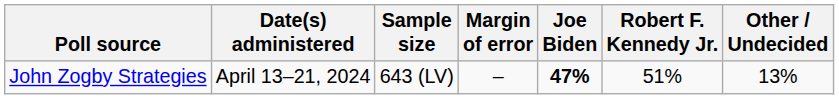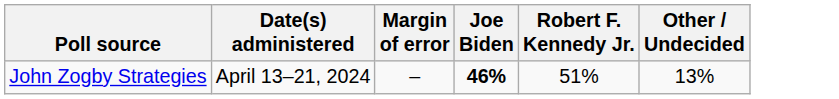 <table class="wikitable sortable mw-datatable" style="font-size:90%;text-align:center;line-height:17px">
 <tr valign=bottom>
 <th>Poll source</th>
 <th>Date(s)<br>administered</th>
-<th>Sample<br>size</th>
 <th>Margin<br>of error</th>
 <th class="unsortable">Joe<br>Biden<br></th>
 <th class="unsortable">Robert F.<br>Kennedy Jr.<br></th>
 <th class="unsortable">Other /<br>Undecided</th>
 </tr>
 <tr>
 <td style="text-align:left;"><a href='#'>John Zogby Strategies</a></td>
 <td data-sort-value="2024-05-01">April 13–21, 2024</td>
-<td>643 (LV)</td>
 <td>–</td>
-<td style="color:black;background-color:"><strong>47%</strong></td>
+<td style="color:black;background-color:"><strong>46%</strong></td>
 <td>51%</td>
 <td>13%</td>
 </tr>
 </table>
